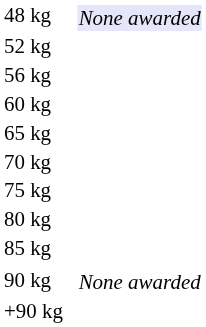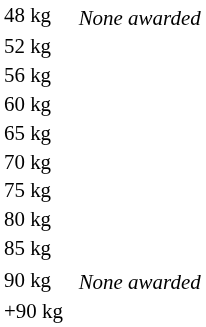 <table>
 <tr>
 <td rowspan=2>48 kg</td>
 <td rowspan=2></td>
 <td rowspan=2></td>
 <td></td>
 </tr>
 <tr>
-<td style="background: lavender;"><em>None awarded</em></td>
+<td><em>None awarded</em></td>
 </tr>
 <tr>
 <td rowspan=2>52 kg</td>
 <td rowspan=2></td>
 <td rowspan=2></td>
 <td></td>
 </tr>
 <tr>
 <td></td>
 </tr>
 <tr>
 <td rowspan=2>56 kg</td>
 <td rowspan=2></td>
 <td rowspan=2></td>
 <td></td>
 </tr>
 <tr>
 <td></td>
 </tr>
 <tr>
 <td rowspan=2>60 kg</td>
 <td rowspan=2></td>
 <td rowspan=2></td>
 <td></td>
 </tr>
 <tr>
 <td></td>
 </tr>
 <tr>
 <td rowspan=2>65 kg</td>
 <td rowspan=2></td>
 <td rowspan=2></td>
 <td></td>
 </tr>
 <tr>
 <td></td>
 </tr>
 <tr>
 <td rowspan=2>70 kg</td>
 <td rowspan=2></td>
 <td rowspan=2></td>
 <td></td>
 </tr>
 <tr>
 <td></td>
 </tr>
 <tr>
 <td rowspan=2>75 kg</td>
 <td rowspan=2></td>
 <td rowspan=2></td>
 <td></td>
 </tr>
 <tr>
 <td></td>
 </tr>
 <tr>
 <td rowspan=2>80 kg</td>
 <td rowspan=2></td>
 <td rowspan=2></td>
 <td></td>
 </tr>
 <tr>
 <td></td>
 </tr>
 <tr>
 <td rowspan=2>85 kg</td>
 <td rowspan=2></td>
 <td rowspan=2></td>
 <td></td>
 </tr>
 <tr>
 <td></td>
 </tr>
 <tr>
 <td rowspan=2>90 kg</td>
 <td rowspan=2></td>
 <td rowspan=2></td>
 <td></td>
 </tr>
 <tr>
 <td><em>None awarded</em></td>
 </tr>
 <tr>
 <td rowspan=2>+90 kg</td>
 <td rowspan=2></td>
 <td rowspan=2></td>
 <td></td>
 </tr>
 <tr>
 <td></td>
 </tr>
 </table>
